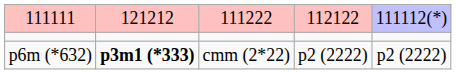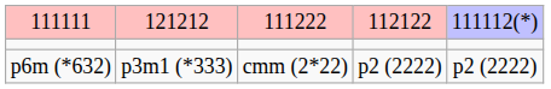 <table class="wikitable">
 <tr align=center>
 <td BGCOLOR="#ffc0c0">111111</td>
 <td BGCOLOR="#ffc0c0">121212</td>
 <td BGCOLOR="#ffc0c0">111222</td>
 <td BGCOLOR="#ffc0c0">112122</td>
 <td BGCOLOR="#c0c0ff">111112(*)</td>
 </tr>
 <tr align=center>
 <td></td>
 <td></td>
 <td></td>
 <td></td>
 <td></td>
 </tr>
 <tr align=center>
 <td>p6m (*632)</td>
-<td><strong>p3m1 (*333)</strong></td>
+<td>p3m1 (*333)</td>
 <td>cmm (2*22)</td>
 <td>p2 (2222)</td>
 <td>p2 (2222)</td>
 </tr>
 </table>
